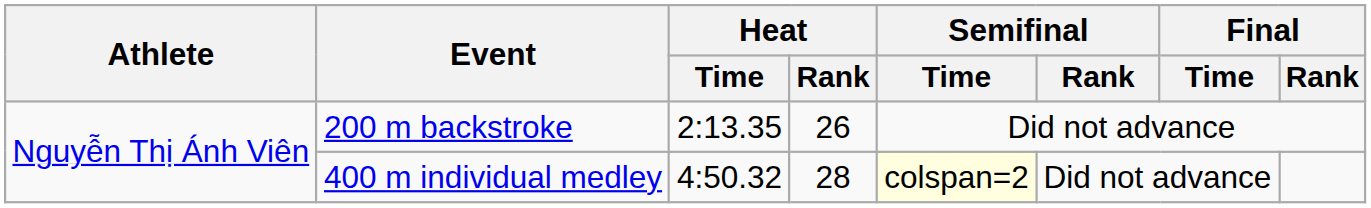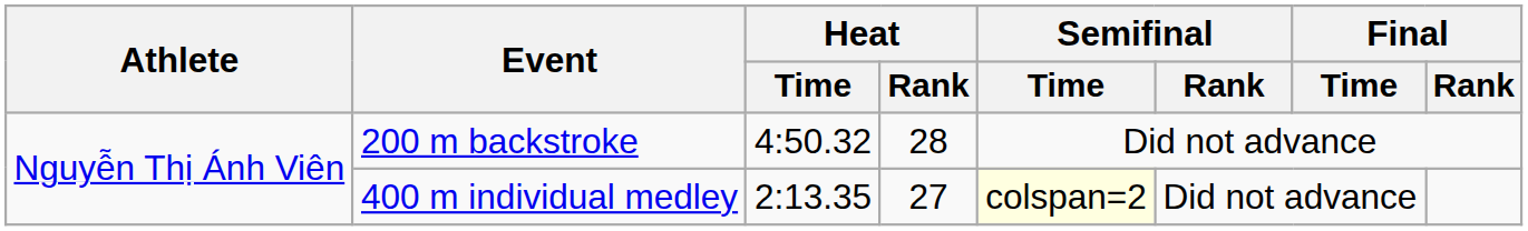 <table class=wikitable style="font-size:90%">
 <tr>
 <th rowspan="2">Athlete</th>
 <th rowspan="2">Event</th>
 <th colspan="2">Heat</th>
 <th colspan="2">Semifinal</th>
 <th colspan="2">Final</th>
 </tr>
 <tr style="font-size:95%">
 <th>Time</th>
 <th>Rank</th>
 <th>Time</th>
 <th>Rank</th>
 <th>Time</th>
 <th>Rank</th>
 </tr>
 <tr align=center>
 <td align=left rowspan=2><a href='#'>Nguyễn Thị Ánh Viên</a></td>
 <td align=left><a href='#'>200 m backstroke</a></td>
-<td>2:13.35</td>
-<td>26</td>
+<td>4:50.32</td>
+<td>28</td>
 <td colspan=4>Did not advance</td>
 </tr>
 <tr align=center>
 <td align=left><a href='#'>400 m individual medley</a></td>
-<td>4:50.32</td>
-<td>28</td>
+<td>2:13.35</td>
+<td>27</td>
 <td style="background: lightyellow;">colspan=2 </td>
 <td colspan=2>Did not advance</td>
 </tr>
 </table>
